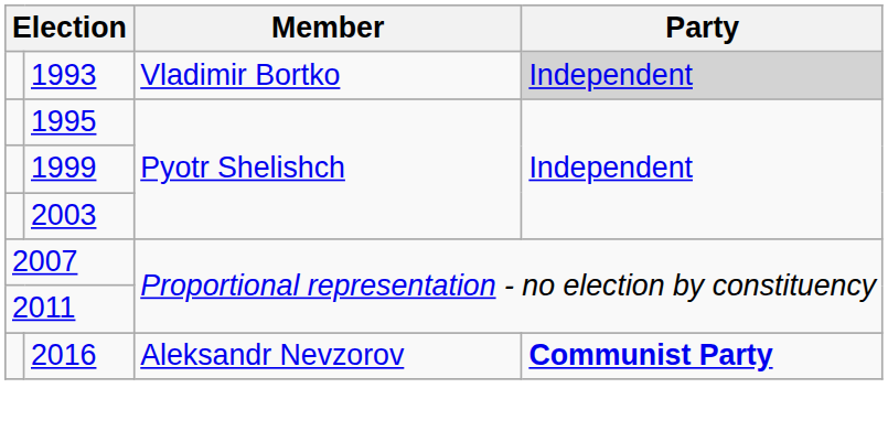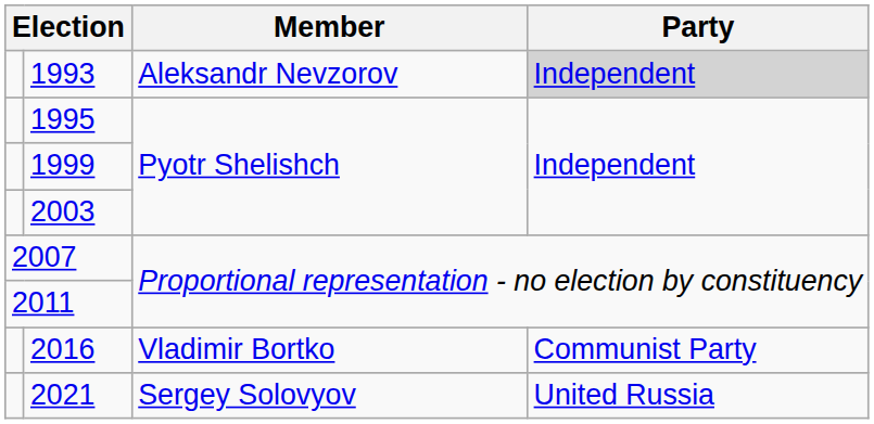 <table class="wikitable">
 <tr>
 <th colspan="2">Election</th>
 <th>Member</th>
 <th>Party</th>
 </tr>
 <tr>
 <td style="background-color:"></td>
 <td><a href='#'>1993</a></td>
-<td><a href='#'>Vladimir Bortko</a></td>
+<td><a href='#'>Aleksandr Nevzorov</a></td>
 <td style="background: lightgrey;"><a href='#'>Independent</a></td>
 </tr>
 <tr>
 <td style="background-color:"></td>
 <td><a href='#'>1995</a></td>
 <td rowspan=3><a href='#'>Pyotr Shelishch</a></td>
 <td rowspan=3><a href='#'>Independent</a></td>
 </tr>
 <tr>
 <td style="background-color:"></td>
 <td><a href='#'>1999</a></td>
 </tr>
 <tr>
 <td style="background-color:"></td>
 <td><a href='#'>2003</a></td>
 </tr>
 <tr>
 <td colspan=2><a href='#'>2007</a></td>
 <td colspan=2 rowspan=2><em><a href='#'>Proportional representation</a> - no election by constituency</em></td>
 </tr>
 <tr>
 <td colspan=2><a href='#'>2011</a></td>
 </tr>
 <tr>
 <td style="background-color: "></td>
 <td><a href='#'>2016</a></td>
-<td><a href='#'>Aleksandr Nevzorov</a></td>
-<td><strong><a href='#'>Communist Party</a></strong></td>
+<td><a href='#'>Vladimir Bortko</a></td>
+<td><a href='#'>Communist Party</a></td>
+</tr>
+<tr>
+<td style="background-color: "></td>
+<td><a href='#'>2021</a></td>
+<td><a href='#'>Sergey Solovyov</a></td>
+<td><a href='#'>United Russia</a></td>
 </tr>
 </table>
